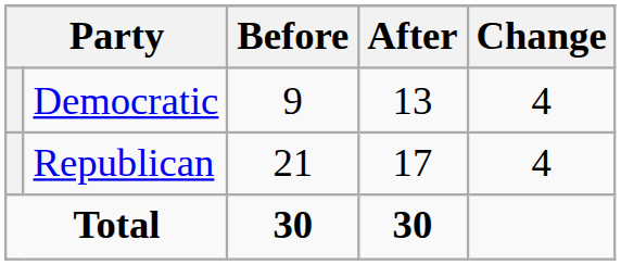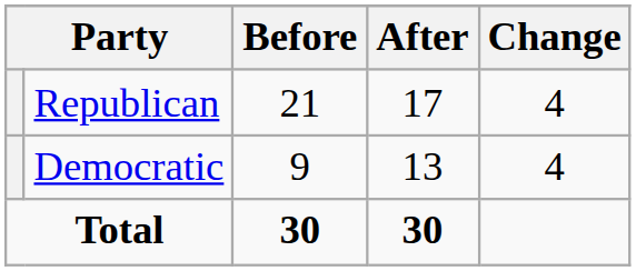 <table class="wikitable" style="text-align:center;">
 <tr>
 </tr>
 <tr>
 <th colspan=2>Party</th>
 <th>Before</th>
 <th>After</th>
 <th>Change</th>
 </tr>
 <tr>
 <th style="background-color:"></th>
-<td style="text-align:left;"><a href='#'>Democratic</a></td>
-<td>9</td>
-<td>13</td>
+<td style="text-align:left;"><a href='#'>Republican</a></td>
+<td>21</td>
+<td>17</td>
 <td> 4</td>
 </tr>
 <tr>
 <th style="background-color:"></th>
-<td style="text-align:left;"><a href='#'>Republican</a></td>
-<td>21</td>
-<td>17</td>
+<td style="text-align:left;"><a href='#'>Democratic</a></td>
+<td>9</td>
+<td>13</td>
 <td> 4</td>
 </tr>
 <tr>
 <td colspan=2><strong>Total</strong></td>
 <td><strong>30</strong></td>
 <td><strong>30</strong></td>
 <td></td>
 </tr>
 </table>
